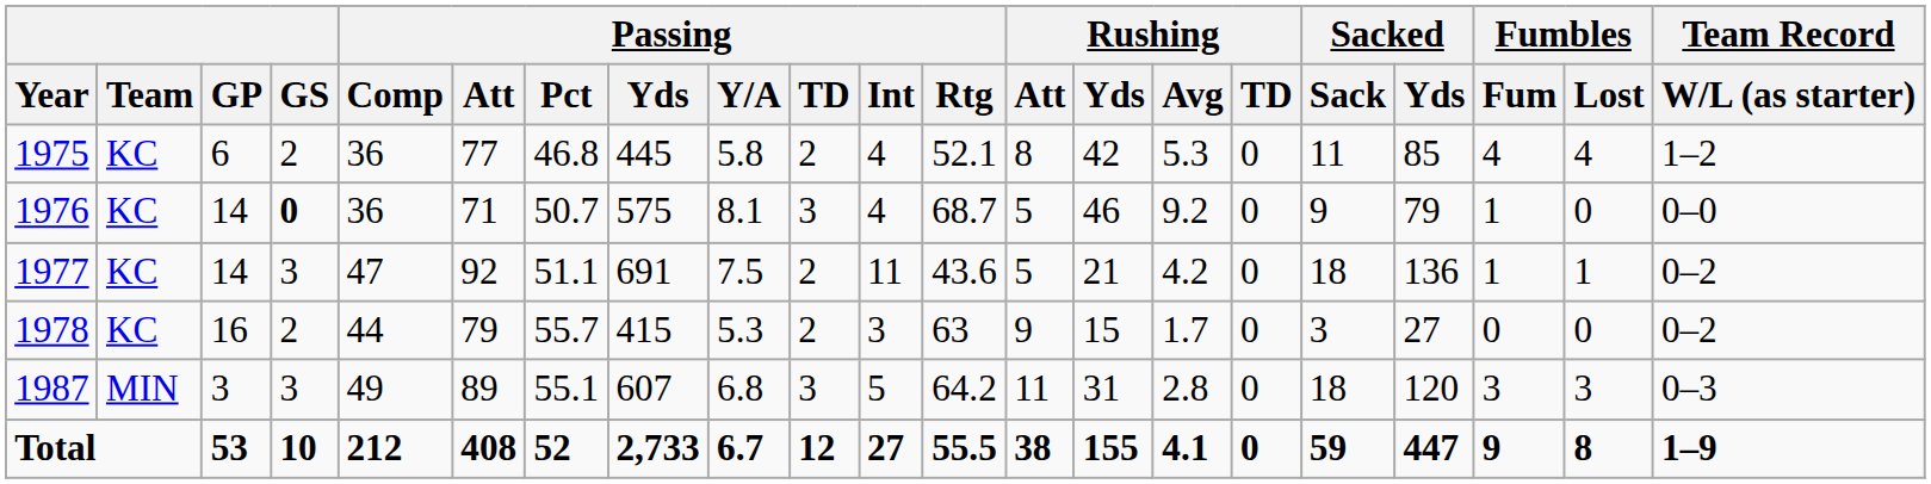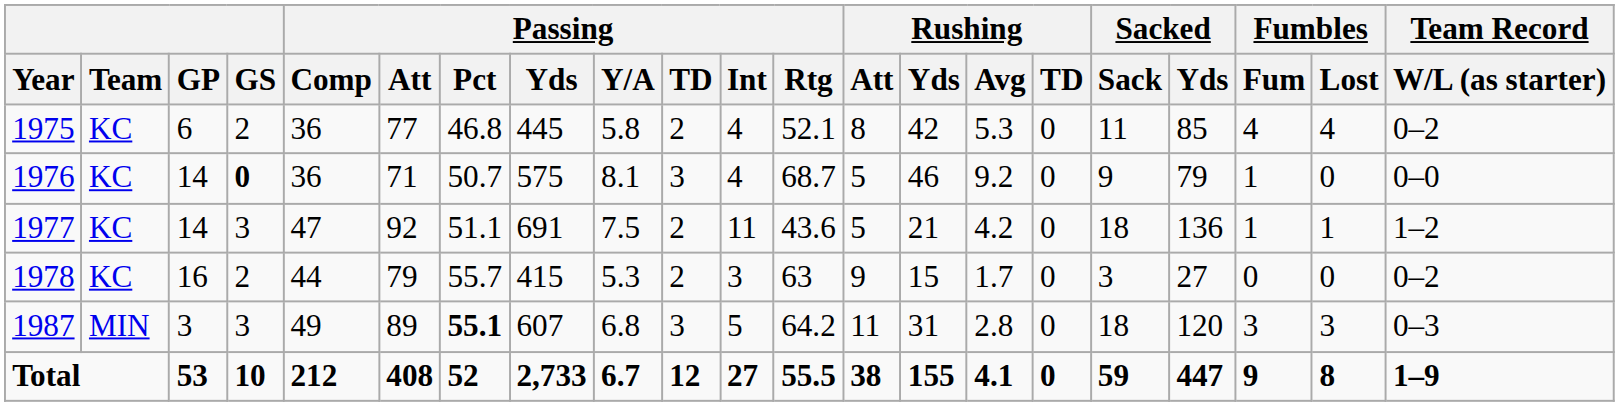 <table class="wikitable">
 <tr>
 <th colspan="4"></th>
 <th colspan="8"><u>Passing</u></th>
 <th colspan="4"><u>Rushing</u></th>
 <th colspan="2"><u>Sacked</u></th>
 <th colspan="2"><u>Fumbles</u></th>
 <th><u>Team Record</u></th>
 </tr>
 <tr>
 <th>Year</th>
 <th>Team</th>
 <th>GP</th>
 <th>GS</th>
 <th>Comp</th>
 <th>Att</th>
 <th>Pct</th>
 <th>Yds</th>
 <th>Y/A</th>
 <th>TD</th>
 <th>Int</th>
 <th>Rtg</th>
 <th>Att</th>
 <th>Yds</th>
 <th>Avg</th>
 <th>TD</th>
 <th>Sack</th>
 <th>Yds</th>
 <th>Fum</th>
 <th>Lost</th>
 <th>W/L (as starter)</th>
 </tr>
 <tr>
 <td><a href='#'>1975</a></td>
 <td><a href='#'>KC</a></td>
 <td>6</td>
 <td>2</td>
 <td>36</td>
 <td>77</td>
 <td>46.8</td>
 <td>445</td>
 <td>5.8</td>
 <td>2</td>
 <td>4</td>
 <td>52.1</td>
 <td>8</td>
 <td>42</td>
 <td>5.3</td>
 <td>0</td>
 <td>11</td>
 <td>85</td>
 <td>4</td>
 <td>4</td>
-<td>1–2</td>
+<td>0–2</td>
 </tr>
 <tr>
 <td><a href='#'>1976</a></td>
 <td><a href='#'>KC</a></td>
 <td>14</td>
 <td><strong>0</strong></td>
 <td>36</td>
 <td>71</td>
 <td>50.7</td>
 <td>575</td>
 <td>8.1</td>
 <td>3</td>
 <td>4</td>
 <td>68.7</td>
 <td>5</td>
 <td>46</td>
 <td>9.2</td>
 <td>0</td>
 <td>9</td>
 <td>79</td>
 <td>1</td>
 <td>0</td>
 <td>0–0</td>
 </tr>
 <tr>
 <td><a href='#'>1977</a></td>
 <td><a href='#'>KC</a></td>
 <td>14</td>
 <td>3</td>
 <td>47</td>
 <td>92</td>
 <td>51.1</td>
 <td>691</td>
 <td>7.5</td>
 <td>2</td>
 <td>11</td>
 <td>43.6</td>
 <td>5</td>
 <td>21</td>
 <td>4.2</td>
 <td>0</td>
 <td>18</td>
 <td>136</td>
 <td>1</td>
 <td>1</td>
-<td>0–2</td>
+<td>1–2</td>
 </tr>
 <tr>
 <td><a href='#'>1978</a></td>
 <td><a href='#'>KC</a></td>
 <td>16</td>
 <td>2</td>
 <td>44</td>
 <td>79</td>
 <td>55.7</td>
 <td>415</td>
 <td>5.3</td>
 <td>2</td>
 <td>3</td>
 <td>63</td>
 <td>9</td>
 <td>15</td>
 <td>1.7</td>
 <td>0</td>
 <td>3</td>
 <td>27</td>
 <td>0</td>
 <td>0</td>
 <td>0–2</td>
 </tr>
 <tr>
 <td><a href='#'>1987</a></td>
 <td><a href='#'>MIN</a></td>
 <td>3</td>
 <td>3</td>
 <td>49</td>
 <td>89</td>
-<td>55.1</td>
+<td><strong>55.1</strong></td>
 <td>607</td>
 <td>6.8</td>
 <td>3</td>
 <td>5</td>
 <td>64.2</td>
 <td>11</td>
 <td>31</td>
 <td>2.8</td>
 <td>0</td>
 <td>18</td>
 <td>120</td>
 <td>3</td>
 <td>3</td>
 <td>0–3</td>
 </tr>
 <tr>
 <td colspan="2"><strong>     Total</strong></td>
 <td><strong>53</strong></td>
 <td><strong>10</strong></td>
 <td><strong>212</strong></td>
 <td><strong>408</strong></td>
 <td><strong>52</strong></td>
 <td><strong>2,733</strong></td>
 <td><strong>6.7</strong></td>
 <td><strong>12</strong></td>
 <td><strong>27</strong></td>
 <td><strong>55.5</strong></td>
 <td><strong>38</strong></td>
 <td><strong>155</strong></td>
 <td><strong>4.1</strong></td>
 <td><strong>0</strong></td>
 <td><strong>59</strong></td>
 <td><strong>447</strong></td>
 <td><strong>9</strong></td>
 <td><strong>8</strong></td>
 <td><strong>1–9</strong></td>
 </tr>
 </table>
